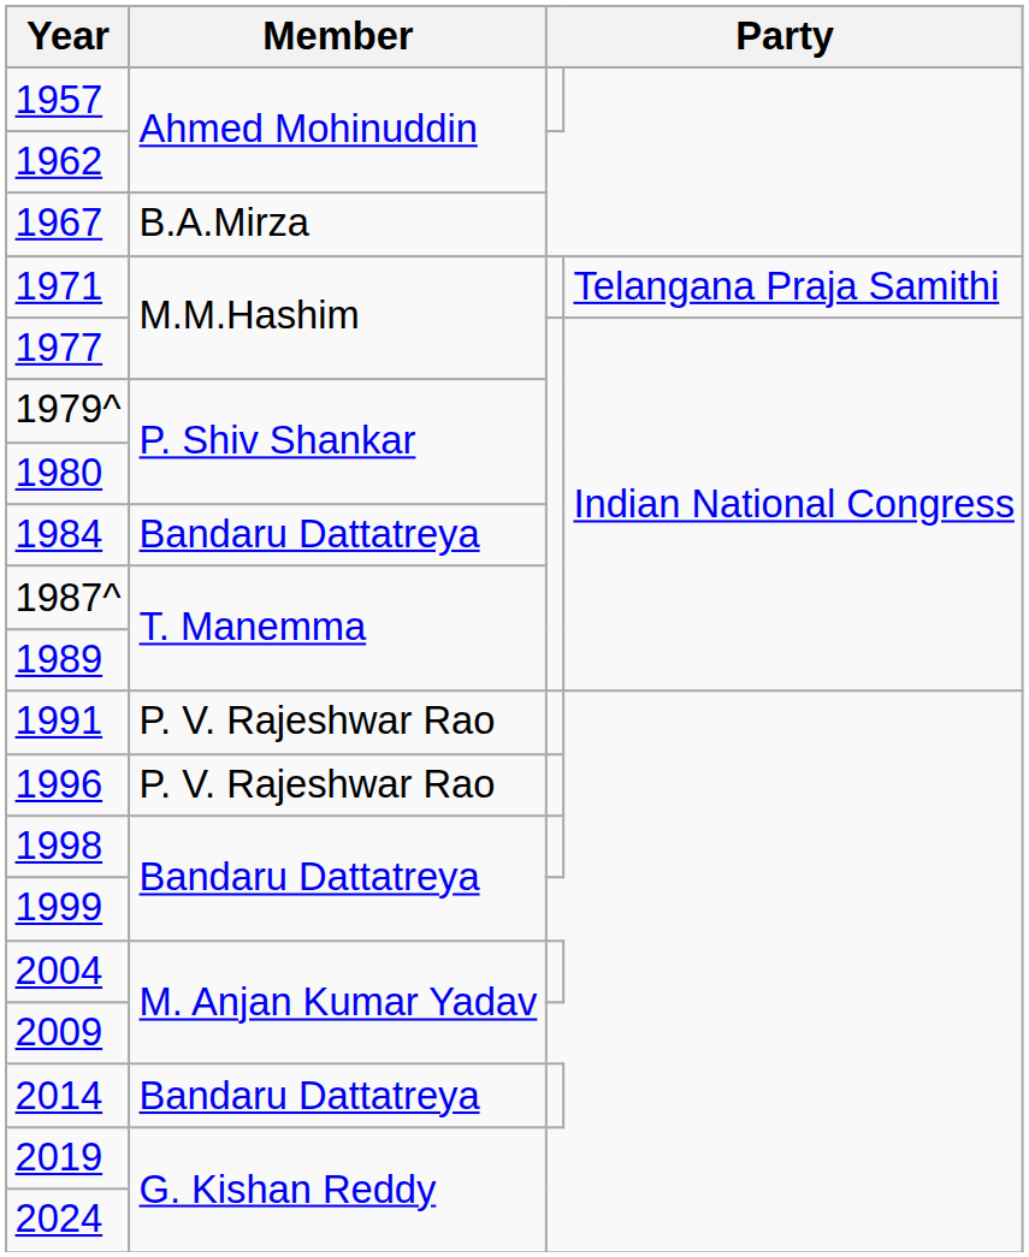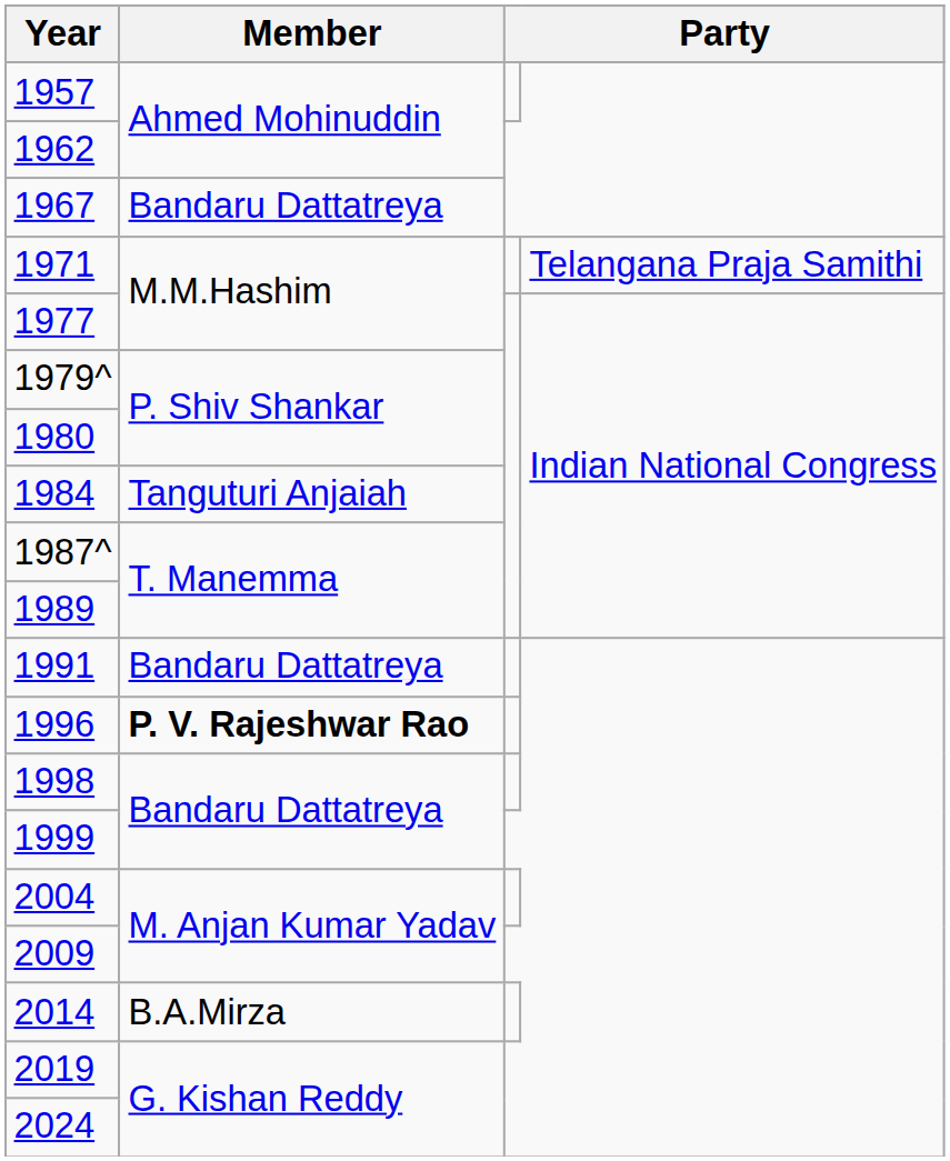 <table class="wikitable sortable">
 <tr>
 <th>Year</th>
 <th>Member</th>
 <th colspan="2">Party</th>
 </tr>
 <tr>
 <td><a href='#'>1957</a></td>
 <td rowspan="2"><a href='#'>Ahmed Mohinuddin</a></td>
 <td></td>
 </tr>
 <tr>
 <td><a href='#'>1962</a></td>
 </tr>
 <tr>
 <td><a href='#'>1967</a></td>
-<td>B.A.Mirza</td>
+<td><a href='#'>Bandaru Dattatreya</a></td>
 </tr>
 <tr>
 <td><a href='#'>1971</a></td>
 <td rowspan=2>M.M.Hashim</td>
 <td style="background-color: "></td>
 <td><a href='#'>Telangana Praja Samithi</a></td>
 </tr>
 <tr>
 <td><a href='#'>1977</a></td>
 <td rowspan="6" style="background-color: "></td>
 <td rowspan="6"><a href='#'>Indian National Congress</a></td>
 </tr>
 <tr>
 <td>1979^</td>
 <td rowspan="2"><a href='#'>P. Shiv Shankar</a></td>
 </tr>
 <tr>
 <td><a href='#'>1980</a></td>
 </tr>
 <tr>
 <td><a href='#'>1984</a></td>
-<td><a href='#'>Bandaru Dattatreya</a></td>
+<td><a href='#'>Tanguturi Anjaiah</a></td>
 </tr>
 <tr>
 <td>1987^</td>
 <td rowspan="2"><a href='#'>T. Manemma</a></td>
 </tr>
 <tr>
 <td><a href='#'>1989</a></td>
 </tr>
 <tr>
 <td><a href='#'>1991</a></td>
-<td>P. V. Rajeshwar Rao</td>
+<td><a href='#'>Bandaru Dattatreya</a></td>
 <td></td>
 </tr>
 <tr>
 <td><a href='#'>1996</a></td>
-<td>P. V. Rajeshwar Rao</td>
+<td><strong>P. V. Rajeshwar Rao</strong></td>
 <td></td>
 </tr>
 <tr>
 <td><a href='#'>1998</a></td>
 <td rowspan="2"><a href='#'>Bandaru Dattatreya</a></td>
 <td></td>
 </tr>
 <tr>
 <td><a href='#'>1999</a></td>
 </tr>
 <tr>
 <td><a href='#'>2004</a></td>
 <td rowspan="2"><a href='#'>M. Anjan Kumar Yadav</a></td>
 <td></td>
 </tr>
 <tr>
 <td><a href='#'>2009</a></td>
 </tr>
 <tr>
 <td><a href='#'>2014</a></td>
-<td><a href='#'>Bandaru Dattatreya</a></td>
+<td>B.A.Mirza</td>
 <td></td>
 </tr>
 <tr>
 <td><a href='#'>2019</a></td>
 <td rowspan="2"><a href='#'>G. Kishan Reddy</a></td>
 </tr>
 <tr>
 <td><a href='#'> 2024</a></td>
 </tr>
 </table>
